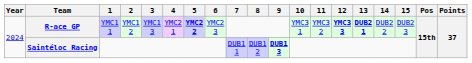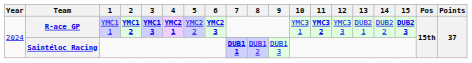 <table class="wikitable" style="text-align:center; font-size:85%">
 <tr>
 <th>Year</th>
 <th>Team</th>
 <th>1</th>
 <th>2</th>
 <th>3</th>
 <th>4</th>
 <th>5</th>
 <th>6</th>
 <th>7</th>
 <th>8</th>
 <th>9</th>
 <th>10</th>
 <th>11</th>
 <th>12</th>
 <th>13</th>
 <th>14</th>
 <th>15</th>
 <th>Pos</th>
 <th>Points</th>
 </tr>
 <tr>
 <td rowspan=2><a href='#'>2024</a></td>
 <th nowrap><a href='#'>R-ace GP</a></th>
 <td style="background:#CFCFFF;"><a href='#'>YMC1<br>1</a><br></td>
-<td style="background:#DFFFDF;"><a href='#'>YMC1<br>2</a><br></td>
-<td style="background:#CFCFFF;"><a href='#'>YMC1<br>3</a><br></td>
-<td style="background:#EFCFFF;"><a href='#'>YMC2<br>1</a><br></td>
-<td style="background:#CFCFFF;"><strong><a href='#'>YMC2<br>2</a><br></strong></td>
-<td style="background:#DFFFDF;"><a href='#'>YMC2<br>3</a><br></td>
+<td style="background:#DFFFDF;"><strong><a href='#'>YMC1<br>2</a><br></strong></td>
+<td style="background:#CFCFFF;"><strong><a href='#'>YMC1<br>3</a><br></strong></td>
+<td style="background:#EFCFFF;"><strong><a href='#'>YMC2<br>1</a><br></strong></td>
+<td style="background:#CFCFFF;"><a href='#'>YMC2<br>2</a><br></td>
+<td style="background:#DFFFDF;"><strong><a href='#'>YMC2<br>3</a><br></strong></td>
 <td colspan=3></td>
 <td style="background:#DFFFDF;"><a href='#'>YMC3<br>1</a><br></td>
-<td style="background:#DFFFDF;"><a href='#'>YMC3<br>2</a><br></td>
-<td style="background:#DFFFDF;"><strong><a href='#'>YMC3<br>3</a><br></strong></td>
-<td style="background:#DFFFDF;"><strong><a href='#'>DUB2<br>1</a><br></strong></td>
+<td style="background:#DFFFDF;"><strong><a href='#'>YMC3<br>2</a><br></strong></td>
+<td style="background:#DFFFDF;"><a href='#'>YMC3<br>3</a><br></td>
+<td style="background:#DFFFDF;"><a href='#'>DUB2<br>1</a><br></td>
 <td style="background:#DFFFDF;"><a href='#'>DUB2<br>2</a><br></td>
-<td style="background:#DFFFDF;"><a href='#'>DUB2<br>3</a><br></td>
+<td style="background:#DFFFDF;"><strong><a href='#'>DUB2<br>3</a><br></strong></td>
 <th rowspan=2>15th</th>
 <th rowspan=2>37</th>
 </tr>
 <tr>
 <th nowrap><a href='#'>Saintéloc Racing</a></th>
 <td colspan=6></td>
-<td style="background:#CFCFFF;"><a href='#'>DUB1<br>1</a><br></td>
+<td style="background:#CFCFFF;"><strong><a href='#'>DUB1<br>1</a><br></strong></td>
 <td style="background:#CFCFFF;"><a href='#'>DUB1<br>2</a><br></td>
-<td style="background:#DFFFDF;"><strong><a href='#'>DUB1<br>3</a><br></strong></td>
+<td style="background:#DFFFDF;"><a href='#'>DUB1<br>3</a><br></td>
 <td colspan=6></td>
 </tr>
 </table>
